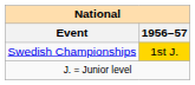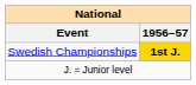 <table class="wikitable" style="text-align:center">
 <tr>
 <th style="background-color: #ffdead; " colspan=2 align=center><strong>National</strong></th>
 </tr>
 <tr>
 <th>Event</th>
 <th>1956–57</th>
 </tr>
 <tr>
 <td align=left><a href='#'>Swedish Championships</a></td>
-<td bgcolor=gold>1st J.</td>
+<td bgcolor=gold><strong>1st J.</strong></td>
 </tr>
 <tr>
 <td colspan=2 align=center><small> J. = Junior level </small></td>
 </tr>
 </table>
